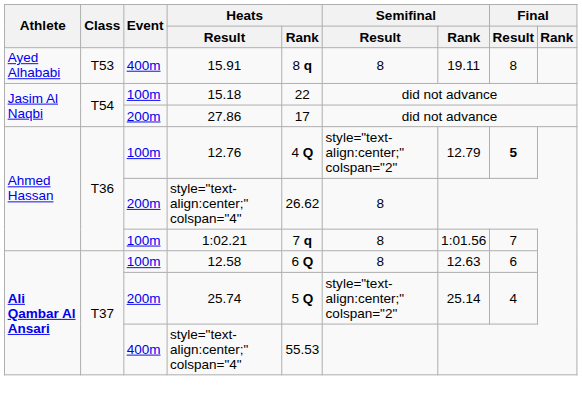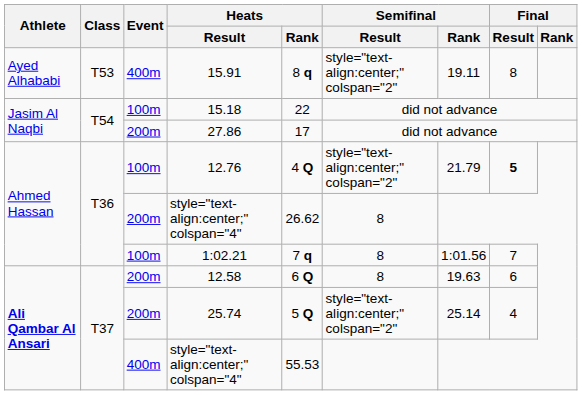 <table class=wikitable style="font-size:90%">
 <tr>
 <th rowspan="2">Athlete</th>
 <th rowspan="2">Class</th>
 <th rowspan="2">Event</th>
 <th colspan="2">Heats</th>
 <th colspan="2">Semifinal</th>
 <th colspan="2">Final</th>
 </tr>
 <tr>
 <th>Result</th>
 <th>Rank</th>
 <th>Result</th>
 <th>Rank</th>
 <th>Result</th>
 <th>Rank</th>
 </tr>
 <tr>
 <td><a href='#'>Ayed Alhababi</a></td>
 <td style="text-align:center;">T53</td>
 <td><a href='#'>400m</a></td>
 <td style="text-align:center;">15.91</td>
 <td style="text-align:center;">8 <strong>q</strong></td>
-<td style="text-align:center;">8</td>
+<td>style="text-align:center;" colspan="2" </td>
 <td style="text-align:center;">19.11</td>
 <td style="text-align:center;">8</td>
 </tr>
 <tr>
 <td rowspan="2"><a href='#'>Jasim Al Naqbi</a></td>
 <td rowspan="2" style="text-align:center;">T54</td>
 <td><a href='#'>100m</a></td>
 <td style="text-align:center;">15.18</td>
 <td style="text-align:center;">22</td>
 <td style="text-align:center;" colspan="4">did not advance</td>
 </tr>
 <tr>
 <td><a href='#'>200m</a></td>
 <td style="text-align:center;">27.86</td>
 <td style="text-align:center;">17</td>
 <td style="text-align:center;" colspan="4">did not advance</td>
 </tr>
 <tr>
 <td rowspan="3"><a href='#'>Ahmed Hassan</a></td>
 <td rowspan="3" style="text-align:center;">T36</td>
 <td><a href='#'>100m</a></td>
 <td style="text-align:center;">12.76</td>
 <td style="text-align:center;">4 <strong>Q</strong></td>
 <td>style="text-align:center;" colspan="2" </td>
-<td style="text-align:center;">12.79</td>
+<td style="text-align:center;">21.79</td>
 <td style="text-align:center;"><strong>5</strong></td>
 </tr>
 <tr>
 <td><a href='#'>200m</a></td>
 <td>style="text-align:center;" colspan="4" </td>
 <td style="text-align:center;">26.62</td>
 <td style="text-align:center;">8</td>
 </tr>
 <tr>
 <td><a href='#'>100m</a></td>
 <td style="text-align:center;">1:02.21</td>
 <td style="text-align:center;">7 <strong>q</strong></td>
 <td style="text-align:center;">8</td>
 <td style="text-align:center;">1:01.56</td>
 <td style="text-align:center;">7</td>
 </tr>
 <tr>
 <td rowspan="3"><strong><a href='#'>Ali Qambar Al Ansari</a></strong></td>
 <td rowspan="3" style="text-align:center;">T37</td>
-<td><a href='#'>100m</a></td>
+<td><a href='#'>200m</a></td>
 <td style="text-align:center;">12.58</td>
 <td style="text-align:center;">6 <strong>Q</strong></td>
 <td style="text-align:center;">8</td>
-<td style="text-align:center;">12.63</td>
+<td style="text-align:center;">19.63</td>
 <td style="text-align:center;">6</td>
 </tr>
 <tr>
 <td><a href='#'>200m</a></td>
 <td style="text-align:center;">25.74</td>
 <td style="text-align:center;">5 <strong>Q</strong></td>
 <td>style="text-align:center;" colspan="2" </td>
 <td style="text-align:center;">25.14</td>
 <td style="text-align:center;">4</td>
 </tr>
 <tr>
 <td><a href='#'>400m</a></td>
 <td>style="text-align:center;" colspan="4" </td>
 <td style="text-align:center;">55.53</td>
 <td style="text-align:center;"></td>
 </tr>
 </table>
